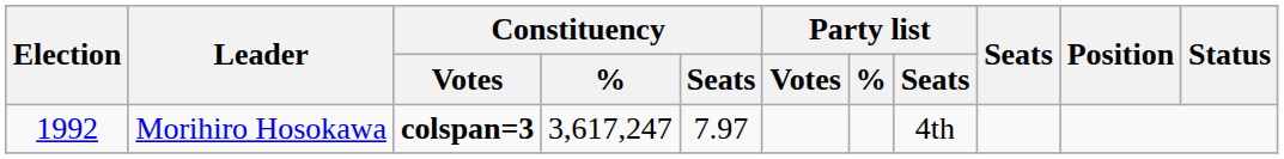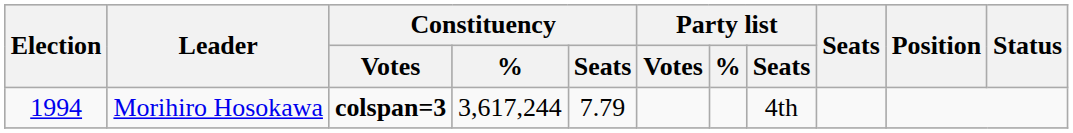 <table class="wikitable" style="text-align:center">
 <tr>
 <th rowspan="2">Election</th>
 <th rowspan="2">Leader</th>
 <th colspan="3">Constituency</th>
 <th colspan="3">Party list</th>
 <th rowspan="2">Seats</th>
 <th rowspan="2">Position</th>
 <th rowspan="2">Status</th>
 </tr>
 <tr>
 <th>Votes</th>
 <th>%</th>
 <th>Seats</th>
 <th>Votes</th>
 <th>%</th>
 <th>Seats</th>
 </tr>
 <tr>
-<td><a href='#'>1992</a></td>
+<td><a href='#'>1994</a></td>
 <td><a href='#'>Morihiro Hosokawa</a></td>
 <td><strong>colspan=3 </strong></td>
-<td>3,617,247</td>
-<td>7.97</td>
+<td>3,617,244</td>
+<td>7.79</td>
 <td></td>
 <td></td>
 <td>4th</td>
 <td></td>
 </tr>
 </table>
